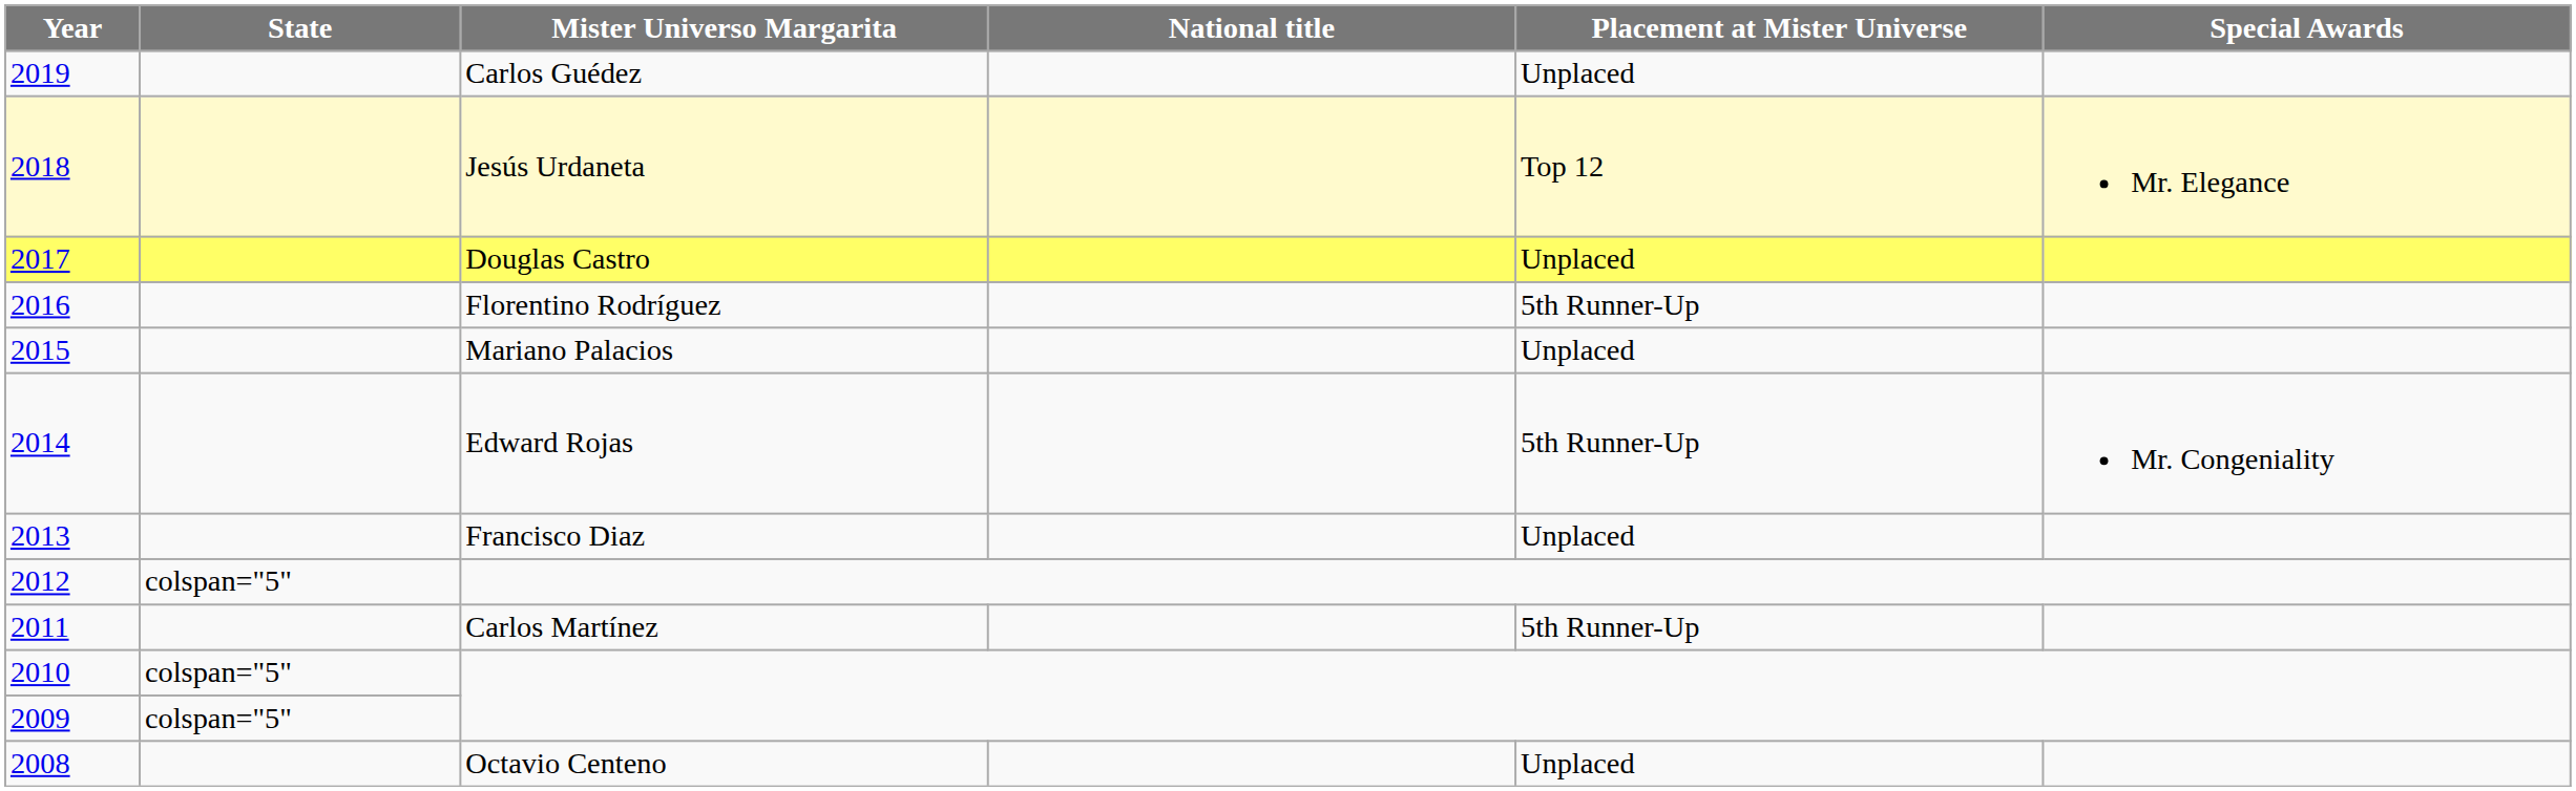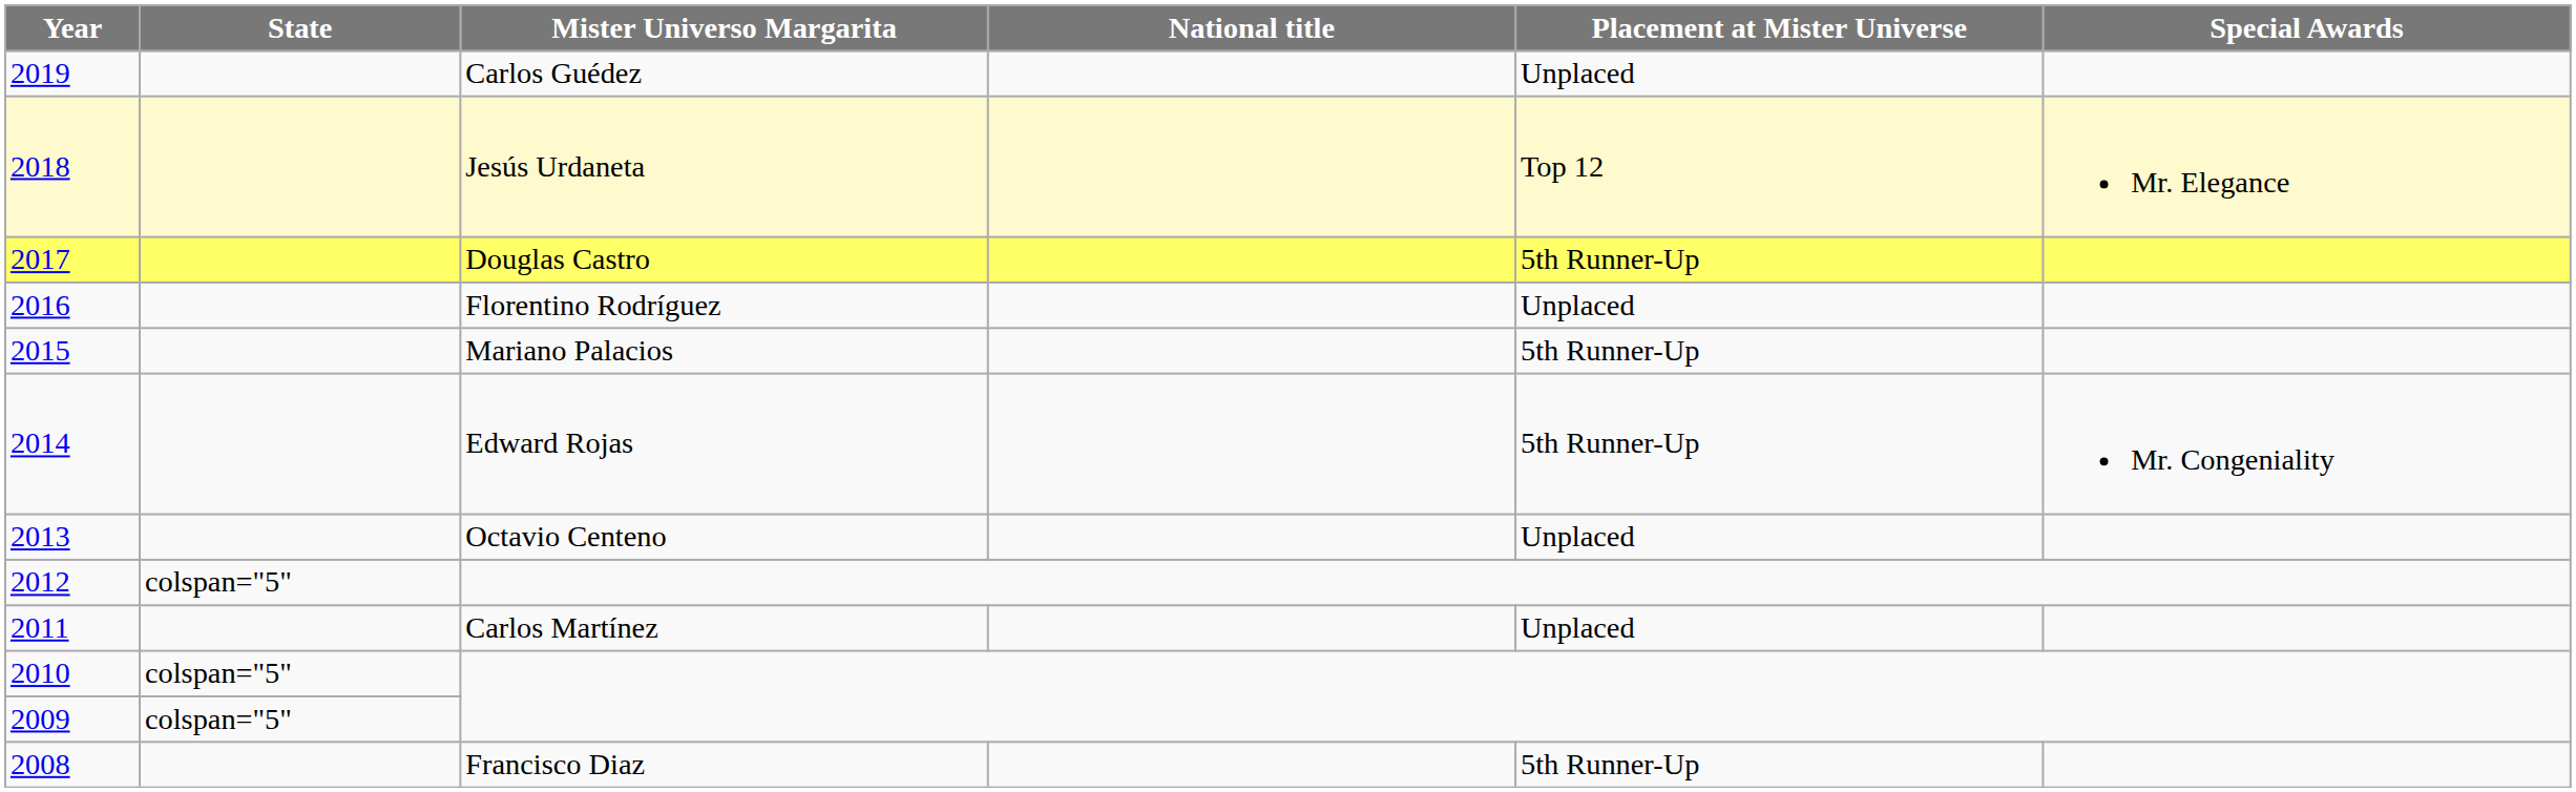 <table class="sortable" border="5" cellpadding="2" cellspacing="0" align=" 0 1em 0 0" style="background: #f9f9f9; border: 1px #aaa solid; border-collapse: collapse; font-size: 90%">
 <tr>
 <th width="60" style="background-color:#787878;color:#FFFFFF;">Year</th>
 <th width="150" style="background-color:#787878;color:#FFFFFF;">State</th>
 <th width="250" style="background-color:#787878;color:#FFFFFF;">Mister Universo Margarita</th>
 <th width="250" style="background-color:#787878;color:#FFFFFF;">National title</th>
 <th width="250" style="background-color:#787878;color:#FFFFFF;">Placement at Mister Universe</th>
 <th width="250" style="background-color:#787878;color:#FFFFFF;">Special Awards</th>
 </tr>
 <tr>
 <td><a href='#'>2019</a></td>
 <td></td>
 <td>Carlos Guédez</td>
 <td></td>
 <td>Unplaced</td>
 <td></td>
 </tr>
 <tr bgcolor="#FFFACD">
 <td><a href='#'>2018</a></td>
 <td></td>
 <td>Jesús Urdaneta</td>
 <td></td>
 <td>Top 12</td>
 <td><br><ul><li>Mr. Elegance</li></ul></td>
 </tr>
 <tr bgcolor="#FFFF66">
 <td><a href='#'>2017</a></td>
 <td></td>
 <td>Douglas Castro</td>
 <td></td>
-<td>Unplaced</td>
+<td>5th Runner-Up</td>
 <td></td>
 </tr>
 <tr>
 <td><a href='#'>2016</a></td>
 <td></td>
 <td>Florentino Rodríguez</td>
 <td></td>
-<td>5th Runner-Up</td>
+<td>Unplaced</td>
 <td></td>
 </tr>
 <tr>
 <td><a href='#'>2015</a></td>
 <td></td>
 <td>Mariano Palacios</td>
 <td></td>
-<td>Unplaced</td>
+<td>5th Runner-Up</td>
 <td></td>
 </tr>
 <tr>
 <td><a href='#'>2014</a></td>
 <td></td>
 <td>Edward Rojas</td>
 <td></td>
 <td>5th Runner-Up</td>
 <td><br><ul><li>Mr. Congeniality</li></ul></td>
 </tr>
 <tr>
 <td><a href='#'>2013</a></td>
 <td></td>
-<td>Francisco Diaz</td>
+<td>Octavio Centeno</td>
 <td></td>
 <td>Unplaced</td>
 <td></td>
 </tr>
 <tr>
 <td><a href='#'>2012</a></td>
 <td>colspan="5" </td>
 </tr>
 <tr>
 <td><a href='#'>2011</a></td>
 <td></td>
 <td>Carlos Martínez</td>
 <td></td>
-<td>5th Runner-Up</td>
+<td>Unplaced</td>
 <td></td>
 </tr>
 <tr>
 <td><a href='#'>2010</a></td>
 <td>colspan="5" </td>
 </tr>
 <tr>
 <td><a href='#'>2009</a></td>
 <td>colspan="5" </td>
 </tr>
 <tr>
 <td><a href='#'>2008</a></td>
 <td></td>
-<td>Octavio Centeno</td>
+<td>Francisco Diaz</td>
 <td></td>
-<td>Unplaced</td>
+<td>5th Runner-Up</td>
 <td></td>
 </tr>
 </table>
